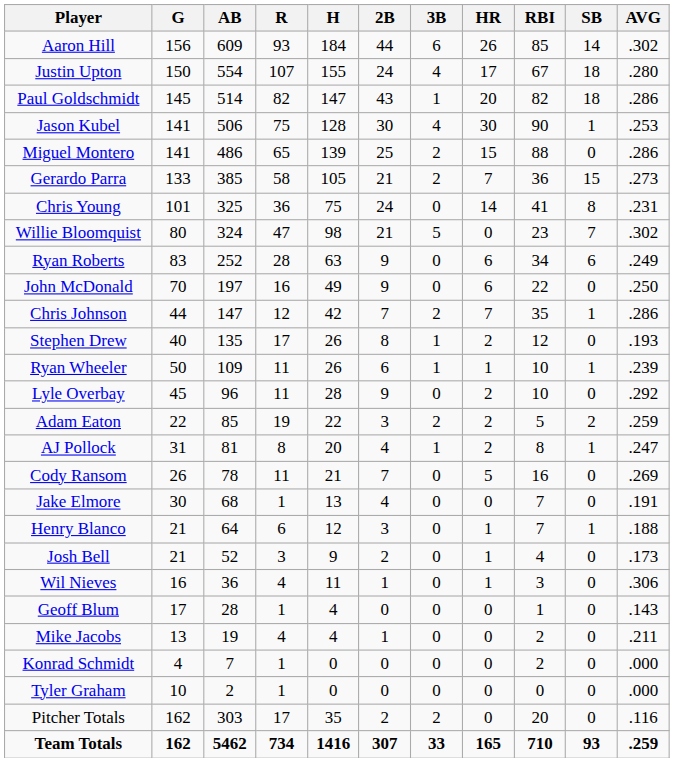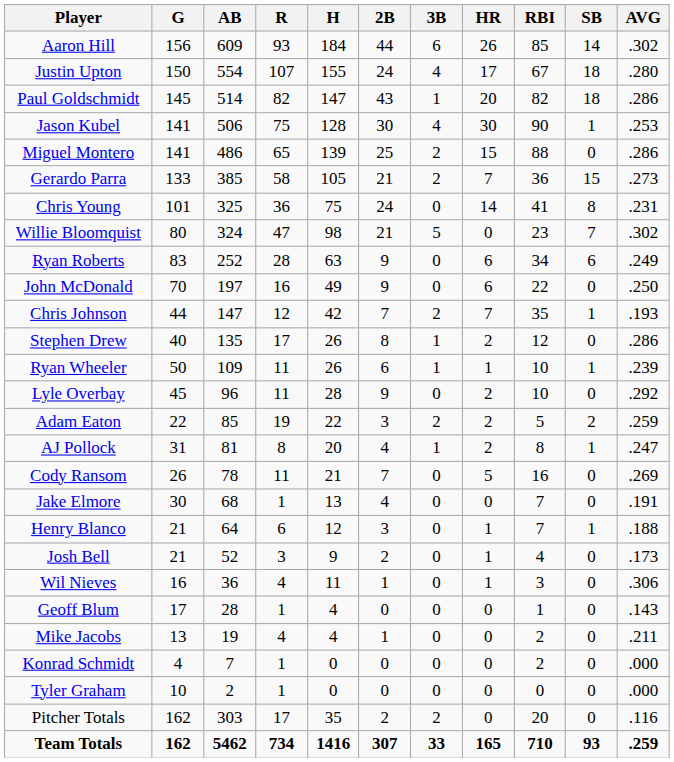 <table class="wikitable sortable" style="text-align:center; border:1; cellpadding:2; cellspacing:0;">
 <tr>
 <th bgcolor="#DDDDFF" width="20%">Player</th>
 <th bgcolor="#DDDDFF" width="7%">G</th>
 <th bgcolor="#DDDDFF" width="7%">AB</th>
 <th bgcolor="#DDDDFF" width="7%">R</th>
 <th bgcolor="#DDDDFF" width="7%">H</th>
 <th bgcolor="#DDDDFF" width="7%">2B</th>
 <th bgcolor="#DDDDFF" width="7%">3B</th>
 <th bgcolor="#DDDDFF" width="7%">HR</th>
 <th bgcolor="#DDDDFF" width="7%">RBI</th>
 <th bgcolor="#DDDDFF" width="7%">SB</th>
 <th bgcolor="#DDDDFF" width="7%">AVG</th>
 </tr>
 <tr align=center>
 <td><a href='#'>Aaron Hill</a></td>
 <td>156</td>
 <td>609</td>
 <td>93</td>
 <td>184</td>
 <td>44</td>
 <td>6</td>
 <td>26</td>
 <td>85</td>
 <td>14</td>
 <td>.302</td>
 </tr>
 <tr align=center>
 <td><a href='#'>Justin Upton</a></td>
 <td>150</td>
 <td>554</td>
 <td>107</td>
 <td>155</td>
 <td>24</td>
 <td>4</td>
 <td>17</td>
 <td>67</td>
 <td>18</td>
 <td>.280</td>
 </tr>
 <tr align=center>
 <td><a href='#'>Paul Goldschmidt</a></td>
 <td>145</td>
 <td>514</td>
 <td>82</td>
 <td>147</td>
 <td>43</td>
 <td>1</td>
 <td>20</td>
 <td>82</td>
 <td>18</td>
 <td>.286</td>
 </tr>
 <tr align=center>
 <td><a href='#'>Jason Kubel</a></td>
 <td>141</td>
 <td>506</td>
 <td>75</td>
 <td>128</td>
 <td>30</td>
 <td>4</td>
 <td>30</td>
 <td>90</td>
 <td>1</td>
 <td>.253</td>
 </tr>
 <tr align=center>
 <td><a href='#'>Miguel Montero</a></td>
 <td>141</td>
 <td>486</td>
 <td>65</td>
 <td>139</td>
 <td>25</td>
 <td>2</td>
 <td>15</td>
 <td>88</td>
 <td>0</td>
 <td>.286</td>
 </tr>
 <tr align=center>
 <td><a href='#'>Gerardo Parra</a></td>
 <td>133</td>
 <td>385</td>
 <td>58</td>
 <td>105</td>
 <td>21</td>
 <td>2</td>
 <td>7</td>
 <td>36</td>
 <td>15</td>
 <td>.273</td>
 </tr>
 <tr align=center>
 <td><a href='#'>Chris Young</a></td>
 <td>101</td>
 <td>325</td>
 <td>36</td>
 <td>75</td>
 <td>24</td>
 <td>0</td>
 <td>14</td>
 <td>41</td>
 <td>8</td>
 <td>.231</td>
 </tr>
 <tr align=center>
 <td><a href='#'>Willie Bloomquist</a></td>
 <td>80</td>
 <td>324</td>
 <td>47</td>
 <td>98</td>
 <td>21</td>
 <td>5</td>
 <td>0</td>
 <td>23</td>
 <td>7</td>
 <td>.302</td>
 </tr>
 <tr align=center>
 <td><a href='#'>Ryan Roberts</a></td>
 <td>83</td>
 <td>252</td>
 <td>28</td>
 <td>63</td>
 <td>9</td>
 <td>0</td>
 <td>6</td>
 <td>34</td>
 <td>6</td>
 <td>.249</td>
 </tr>
 <tr align=center>
 <td><a href='#'>John McDonald</a></td>
 <td>70</td>
 <td>197</td>
 <td>16</td>
 <td>49</td>
 <td>9</td>
 <td>0</td>
 <td>6</td>
 <td>22</td>
 <td>0</td>
 <td>.250</td>
 </tr>
 <tr align=center>
 <td><a href='#'>Chris Johnson</a></td>
 <td>44</td>
 <td>147</td>
 <td>12</td>
 <td>42</td>
 <td>7</td>
 <td>2</td>
 <td>7</td>
 <td>35</td>
 <td>1</td>
-<td>.286</td>
+<td>.193</td>
 </tr>
 <tr align=center>
 <td><a href='#'>Stephen Drew</a></td>
 <td>40</td>
 <td>135</td>
 <td>17</td>
 <td>26</td>
 <td>8</td>
 <td>1</td>
 <td>2</td>
 <td>12</td>
 <td>0</td>
-<td>.193</td>
+<td>.286</td>
 </tr>
 <tr align=center>
 <td><a href='#'>Ryan Wheeler</a></td>
 <td>50</td>
 <td>109</td>
 <td>11</td>
 <td>26</td>
 <td>6</td>
 <td>1</td>
 <td>1</td>
 <td>10</td>
 <td>1</td>
 <td>.239</td>
 </tr>
 <tr align=center>
 <td><a href='#'>Lyle Overbay</a></td>
 <td>45</td>
 <td>96</td>
 <td>11</td>
 <td>28</td>
 <td>9</td>
 <td>0</td>
 <td>2</td>
 <td>10</td>
 <td>0</td>
 <td>.292</td>
 </tr>
 <tr align=center>
 <td><a href='#'>Adam Eaton</a></td>
 <td>22</td>
 <td>85</td>
 <td>19</td>
 <td>22</td>
 <td>3</td>
 <td>2</td>
 <td>2</td>
 <td>5</td>
 <td>2</td>
 <td>.259</td>
 </tr>
 <tr align=center>
 <td><a href='#'>AJ Pollock</a></td>
 <td>31</td>
 <td>81</td>
 <td>8</td>
 <td>20</td>
 <td>4</td>
 <td>1</td>
 <td>2</td>
 <td>8</td>
 <td>1</td>
 <td>.247</td>
 </tr>
 <tr align=center>
 <td><a href='#'>Cody Ransom</a></td>
 <td>26</td>
 <td>78</td>
 <td>11</td>
 <td>21</td>
 <td>7</td>
 <td>0</td>
 <td>5</td>
 <td>16</td>
 <td>0</td>
 <td>.269</td>
 </tr>
 <tr align=center>
 <td><a href='#'>Jake Elmore</a></td>
 <td>30</td>
 <td>68</td>
 <td>1</td>
 <td>13</td>
 <td>4</td>
 <td>0</td>
 <td>0</td>
 <td>7</td>
 <td>0</td>
 <td>.191</td>
 </tr>
 <tr align=center>
 <td><a href='#'>Henry Blanco</a></td>
 <td>21</td>
 <td>64</td>
 <td>6</td>
 <td>12</td>
 <td>3</td>
 <td>0</td>
 <td>1</td>
 <td>7</td>
 <td>1</td>
 <td>.188</td>
 </tr>
 <tr align=center>
 <td><a href='#'>Josh Bell</a></td>
 <td>21</td>
 <td>52</td>
 <td>3</td>
 <td>9</td>
 <td>2</td>
 <td>0</td>
 <td>1</td>
 <td>4</td>
 <td>0</td>
 <td>.173</td>
 </tr>
 <tr align=center>
 <td><a href='#'>Wil Nieves</a></td>
 <td>16</td>
 <td>36</td>
 <td>4</td>
 <td>11</td>
 <td>1</td>
 <td>0</td>
 <td>1</td>
 <td>3</td>
 <td>0</td>
 <td>.306</td>
 </tr>
 <tr align=center>
 <td><a href='#'>Geoff Blum</a></td>
 <td>17</td>
 <td>28</td>
 <td>1</td>
 <td>4</td>
 <td>0</td>
 <td>0</td>
 <td>0</td>
 <td>1</td>
 <td>0</td>
 <td>.143</td>
 </tr>
 <tr align=center>
 <td><a href='#'>Mike Jacobs</a></td>
 <td>13</td>
 <td>19</td>
 <td>4</td>
 <td>4</td>
 <td>1</td>
 <td>0</td>
 <td>0</td>
 <td>2</td>
 <td>0</td>
 <td>.211</td>
 </tr>
 <tr align=center>
 <td><a href='#'>Konrad Schmidt</a></td>
 <td>4</td>
 <td>7</td>
 <td>1</td>
 <td>0</td>
 <td>0</td>
 <td>0</td>
 <td>0</td>
 <td>2</td>
 <td>0</td>
 <td>.000</td>
 </tr>
 <tr align=center>
 <td><a href='#'>Tyler Graham</a></td>
 <td>10</td>
 <td>2</td>
 <td>1</td>
 <td>0</td>
 <td>0</td>
 <td>0</td>
 <td>0</td>
 <td>0</td>
 <td>0</td>
 <td>.000</td>
 </tr>
 <tr align=center>
 <td>Pitcher Totals</td>
 <td>162</td>
 <td>303</td>
 <td>17</td>
 <td>35</td>
 <td>2</td>
 <td>2</td>
 <td>0</td>
 <td>20</td>
 <td>0</td>
 <td>.116</td>
 </tr>
 <tr align=center>
 <td><strong>Team Totals</strong></td>
 <td><strong>162</strong></td>
 <td><strong>5462</strong></td>
 <td><strong>734</strong></td>
 <td><strong>1416</strong></td>
 <td><strong>307</strong></td>
 <td><strong>33</strong></td>
 <td><strong>165</strong></td>
 <td><strong>710</strong></td>
 <td><strong>93</strong></td>
 <td><strong>.259</strong></td>
 </tr>
 </table>
